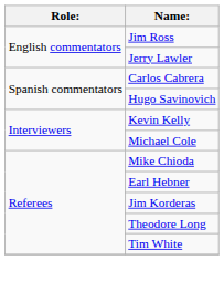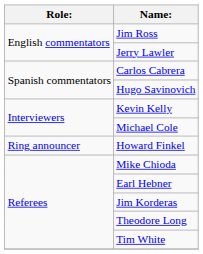 <table class=wikitable style="font-size:90%; margin: 0.5em 0 0.5em 1em; float: right; clear: right;">
 <tr>
 <th>Role:</th>
 <th>Name:</th>
 </tr>
 <tr>
 <td rowspan="2">English <a href='#'>commentators</a></td>
 <td><a href='#'>Jim Ross</a></td>
 </tr>
 <tr>
 <td><a href='#'>Jerry Lawler</a></td>
 </tr>
 <tr>
 <td rowspan="2">Spanish commentators</td>
 <td><a href='#'>Carlos Cabrera</a></td>
 </tr>
 <tr>
 <td><a href='#'>Hugo Savinovich</a></td>
 </tr>
 <tr>
 <td rowspan="2"><a href='#'>Interviewers</a></td>
 <td><a href='#'>Kevin Kelly</a></td>
 </tr>
 <tr>
 <td><a href='#'>Michael Cole</a></td>
 </tr>
 <tr>
+<td><a href='#'>Ring announcer</a></td>
+<td><a href='#'>Howard Finkel</a></td>
+</tr>
+<tr>
 <td rowspan="5"><a href='#'>Referees</a></td>
 <td><a href='#'>Mike Chioda</a></td>
 </tr>
 <tr>
 <td><a href='#'>Earl Hebner</a></td>
 </tr>
 <tr>
 <td><a href='#'>Jim Korderas</a></td>
 </tr>
 <tr>
 <td><a href='#'>Theodore Long</a></td>
 </tr>
 <tr>
 <td><a href='#'>Tim White</a></td>
 </tr>
 <tr>
 </tr>
 </table>
